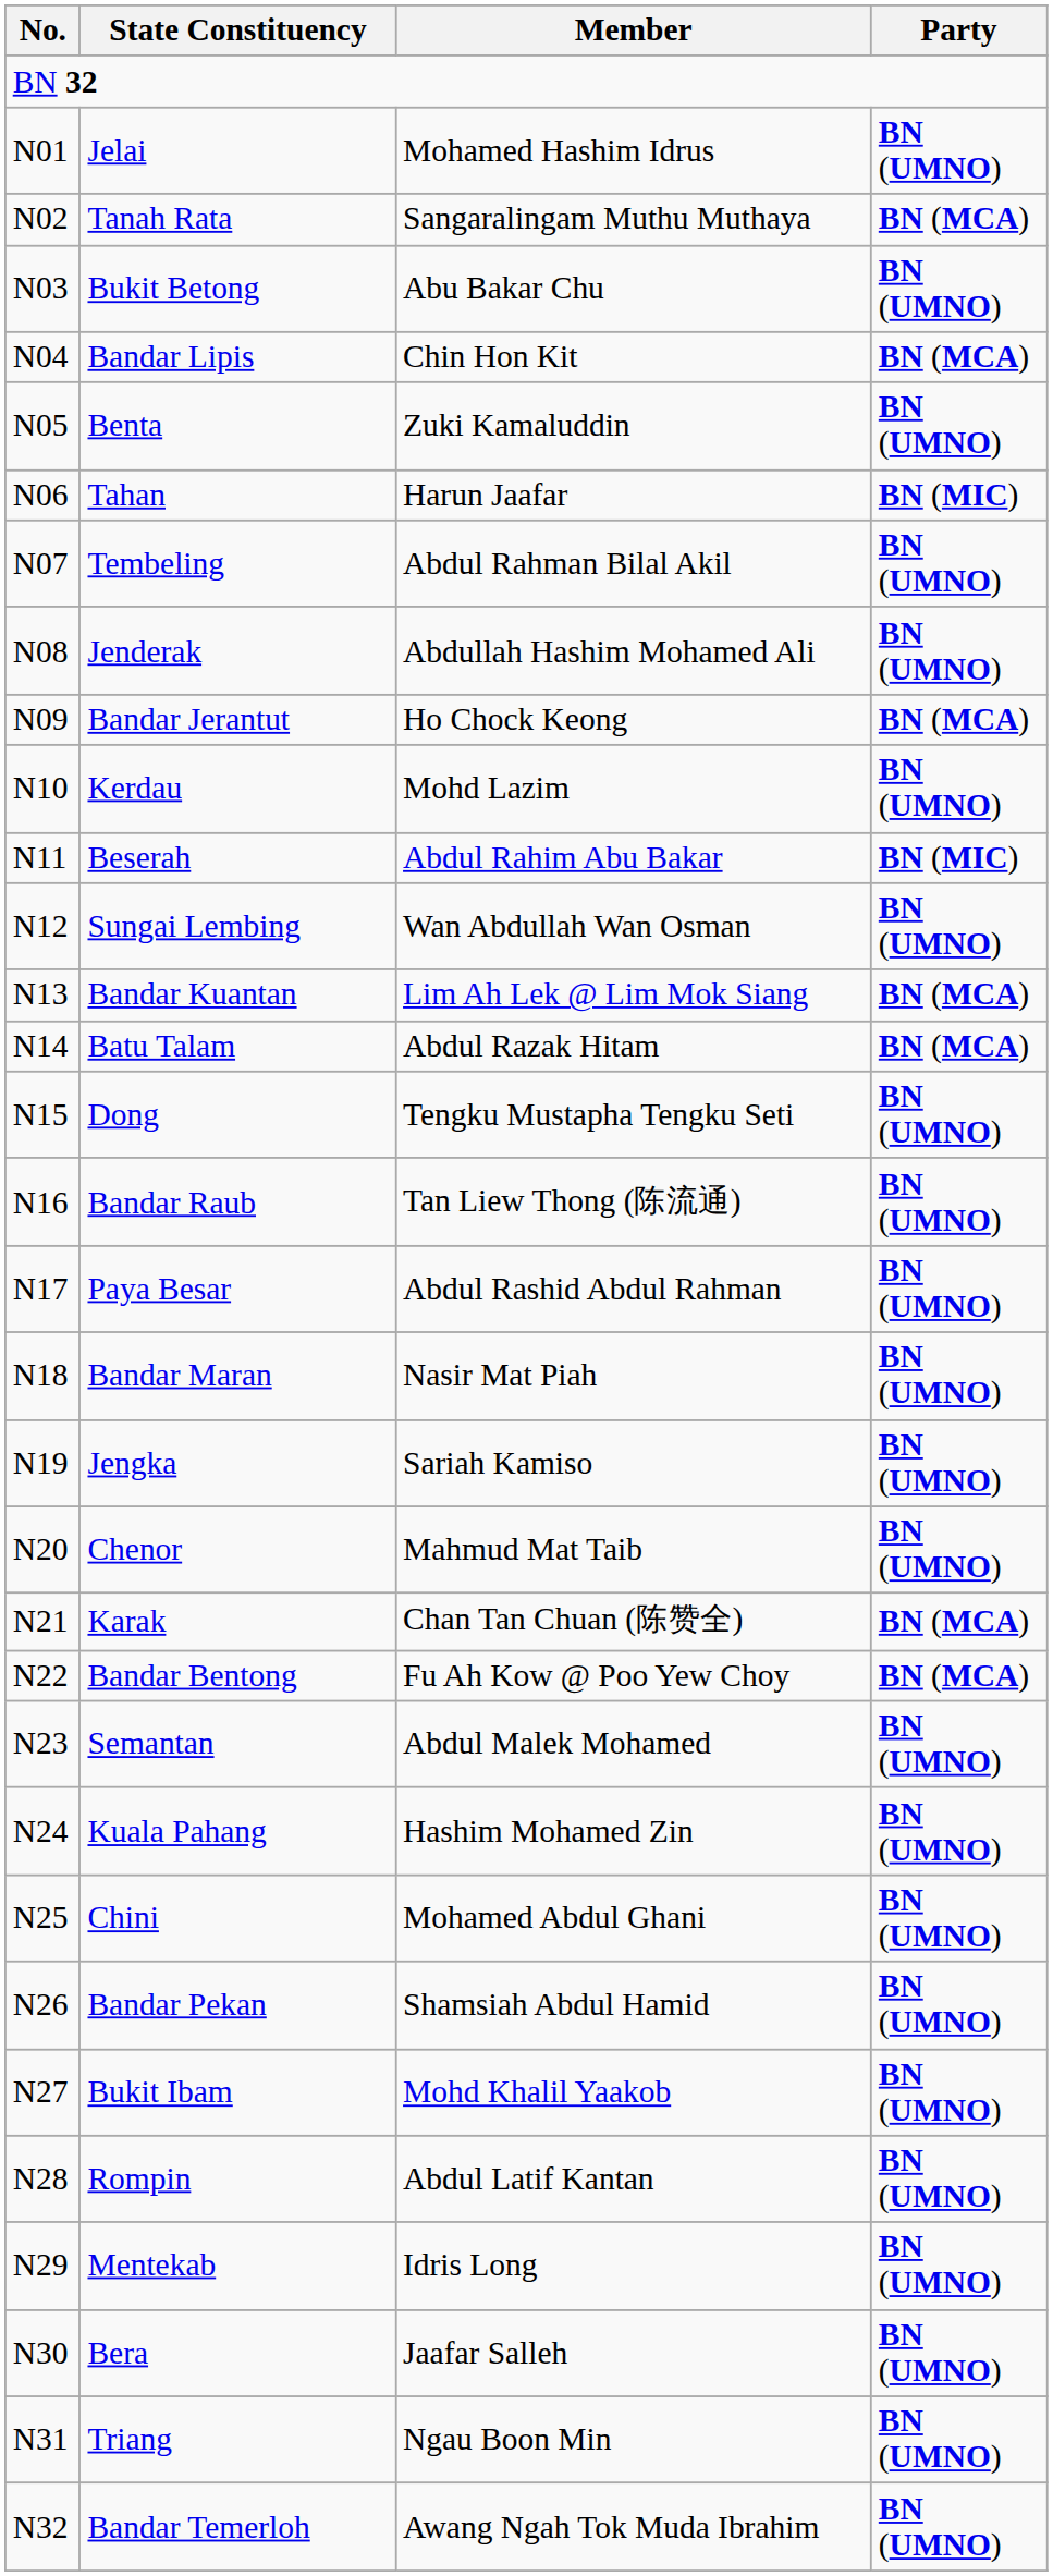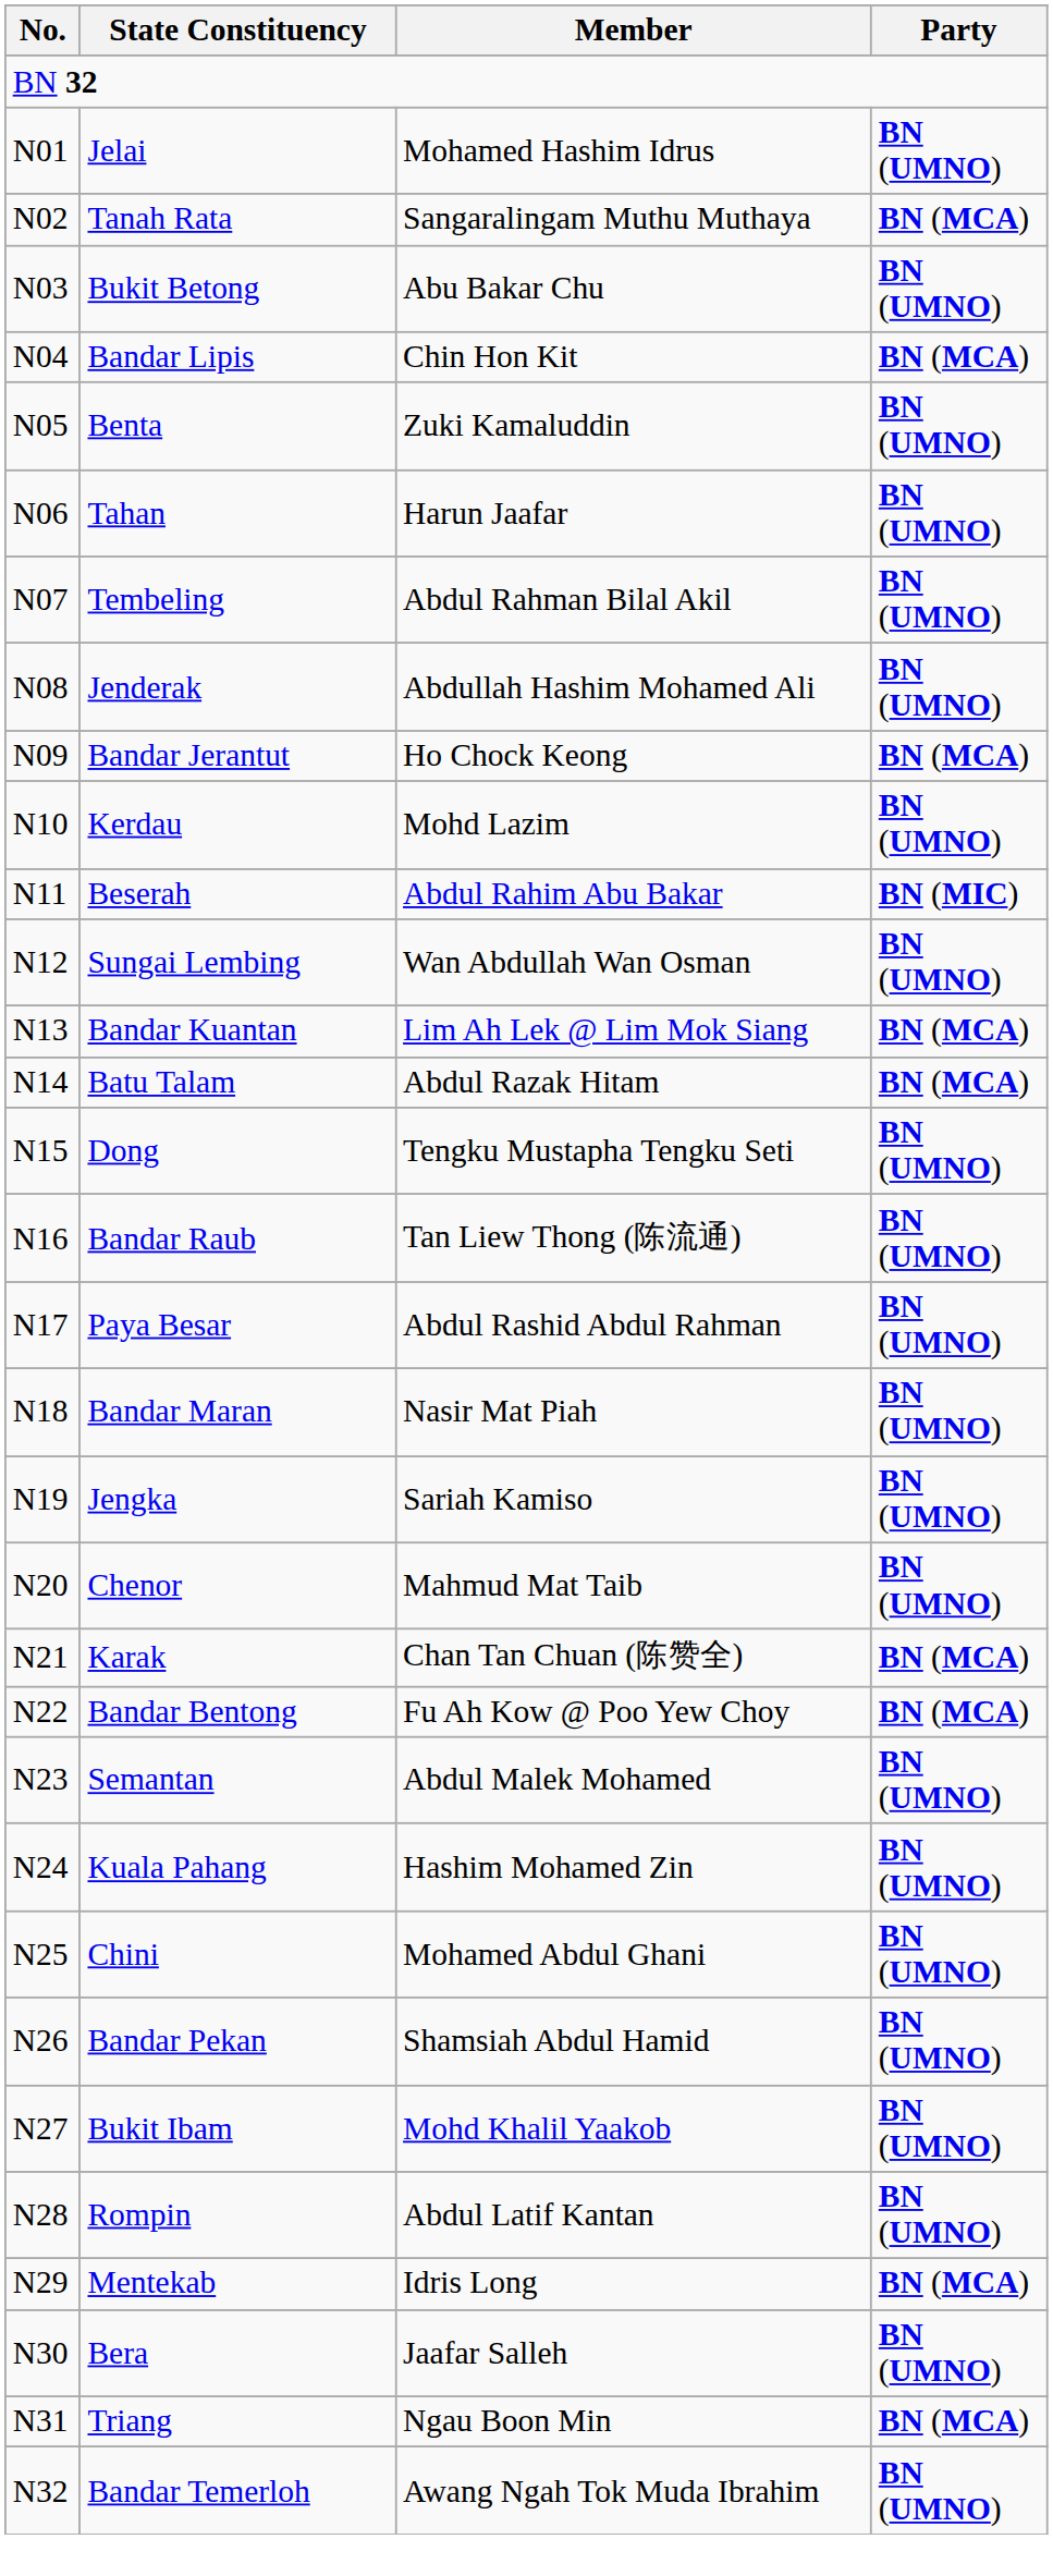 <table class="wikitable sortable">
 <tr>
 <th style="width:30px;">No.</th>
 <th style="width:150px;">State Constituency</th>
 <th style="width:230px;">Member</th>
 <th style="width:80px;">Party</th>
 </tr>
 <tr>
 <td colspan="4"><a href='#'>BN</a> <strong>32</strong></td>
 </tr>
 <tr>
 <td>N01</td>
 <td><a href='#'>Jelai</a></td>
 <td>Mohamed Hashim Idrus</td>
 <td><strong><a href='#'>BN</a></strong> (<strong><a href='#'>UMNO</a></strong>)</td>
 </tr>
 <tr>
 <td>N02</td>
 <td><a href='#'>Tanah Rata</a></td>
 <td>Sangaralingam Muthu Muthaya</td>
 <td><strong><a href='#'>BN</a></strong> (<strong><a href='#'>MCA</a></strong>)</td>
 </tr>
 <tr>
 <td>N03</td>
 <td><a href='#'>Bukit Betong</a></td>
 <td>Abu Bakar Chu</td>
 <td><strong><a href='#'>BN</a></strong> (<strong><a href='#'>UMNO</a></strong>)</td>
 </tr>
 <tr>
 <td>N04</td>
 <td><a href='#'>Bandar Lipis</a></td>
 <td>Chin Hon Kit</td>
 <td><strong><a href='#'>BN</a></strong> (<strong><a href='#'>MCA</a></strong>)</td>
 </tr>
 <tr>
 <td>N05</td>
 <td><a href='#'>Benta</a></td>
 <td>Zuki Kamaluddin</td>
 <td><strong><a href='#'>BN</a></strong> (<strong><a href='#'>UMNO</a></strong>)</td>
 </tr>
 <tr>
 <td>N06</td>
 <td><a href='#'>Tahan</a></td>
 <td>Harun Jaafar</td>
-<td><strong><a href='#'>BN</a></strong> (<strong><a href='#'>MIC</a></strong>)</td>
+<td><strong><a href='#'>BN</a></strong> (<strong><a href='#'>UMNO</a></strong>)</td>
 </tr>
 <tr>
 <td>N07</td>
 <td><a href='#'>Tembeling</a></td>
 <td>Abdul Rahman Bilal Akil</td>
 <td><strong><a href='#'>BN</a></strong> (<strong><a href='#'>UMNO</a></strong>)</td>
 </tr>
 <tr>
 <td>N08</td>
 <td><a href='#'>Jenderak</a></td>
 <td>Abdullah Hashim Mohamed Ali</td>
 <td><strong><a href='#'>BN</a></strong> (<strong><a href='#'>UMNO</a></strong>)</td>
 </tr>
 <tr>
 <td>N09</td>
 <td><a href='#'>Bandar Jerantut</a></td>
 <td>Ho Chock Keong</td>
 <td><strong><a href='#'>BN</a></strong> (<strong><a href='#'>MCA</a></strong>)</td>
 </tr>
 <tr>
 <td>N10</td>
 <td><a href='#'>Kerdau</a></td>
 <td>Mohd Lazim</td>
 <td><strong><a href='#'>BN</a></strong> (<strong><a href='#'>UMNO</a></strong>)</td>
 </tr>
 <tr>
 <td>N11</td>
 <td><a href='#'>Beserah</a></td>
 <td><a href='#'>Abdul Rahim Abu Bakar</a></td>
 <td><strong><a href='#'>BN</a></strong> (<strong><a href='#'>MIC</a></strong>)</td>
 </tr>
 <tr>
 <td>N12</td>
 <td><a href='#'>Sungai Lembing</a></td>
 <td>Wan Abdullah Wan Osman</td>
 <td><strong><a href='#'>BN</a></strong> (<strong><a href='#'>UMNO</a></strong>)</td>
 </tr>
 <tr>
 <td>N13</td>
 <td><a href='#'>Bandar Kuantan</a></td>
 <td><a href='#'>Lim Ah Lek @ Lim Mok Siang</a></td>
 <td><strong><a href='#'>BN</a></strong> (<strong><a href='#'>MCA</a></strong>)</td>
 </tr>
 <tr>
 <td>N14</td>
 <td><a href='#'>Batu Talam</a></td>
 <td>Abdul Razak Hitam</td>
 <td><strong><a href='#'>BN</a></strong> (<strong><a href='#'>MCA</a></strong>)</td>
 </tr>
 <tr>
 <td>N15</td>
 <td><a href='#'>Dong</a></td>
 <td>Tengku Mustapha Tengku Seti</td>
 <td><strong><a href='#'>BN</a></strong> (<strong><a href='#'>UMNO</a></strong>)</td>
 </tr>
 <tr>
 <td>N16</td>
 <td><a href='#'>Bandar Raub</a></td>
 <td>Tan Liew Thong (陈流通)</td>
 <td><strong><a href='#'>BN</a></strong> (<strong><a href='#'>UMNO</a></strong>)</td>
 </tr>
 <tr>
 <td>N17</td>
 <td><a href='#'>Paya Besar</a></td>
 <td>Abdul Rashid Abdul Rahman</td>
 <td><strong><a href='#'>BN</a></strong> (<strong><a href='#'>UMNO</a></strong>)</td>
 </tr>
 <tr>
 <td>N18</td>
 <td><a href='#'>Bandar Maran</a></td>
 <td>Nasir Mat Piah</td>
 <td><strong><a href='#'>BN</a></strong> (<strong><a href='#'>UMNO</a></strong>)</td>
 </tr>
 <tr>
 <td>N19</td>
 <td><a href='#'>Jengka</a></td>
 <td>Sariah Kamiso</td>
 <td><strong><a href='#'>BN</a></strong> (<strong><a href='#'>UMNO</a></strong>)</td>
 </tr>
 <tr>
 <td>N20</td>
 <td><a href='#'>Chenor</a></td>
 <td>Mahmud Mat Taib</td>
 <td><strong><a href='#'>BN</a></strong> (<strong><a href='#'>UMNO</a></strong>)</td>
 </tr>
 <tr>
 <td>N21</td>
 <td><a href='#'>Karak</a></td>
 <td>Chan Tan Chuan (陈赞全)</td>
 <td><strong><a href='#'>BN</a></strong> (<strong><a href='#'>MCA</a></strong>)</td>
 </tr>
 <tr>
 <td>N22</td>
 <td><a href='#'>Bandar Bentong</a></td>
 <td>Fu Ah Kow @ Poo Yew Choy</td>
 <td><strong><a href='#'>BN</a></strong> (<strong><a href='#'>MCA</a></strong>)</td>
 </tr>
 <tr>
 <td>N23</td>
 <td><a href='#'>Semantan</a></td>
 <td>Abdul Malek Mohamed</td>
 <td><strong><a href='#'>BN</a></strong> (<strong><a href='#'>UMNO</a></strong>)</td>
 </tr>
 <tr>
 <td>N24</td>
 <td><a href='#'>Kuala Pahang</a></td>
 <td>Hashim Mohamed Zin</td>
 <td><strong><a href='#'>BN</a></strong> (<strong><a href='#'>UMNO</a></strong>)</td>
 </tr>
 <tr>
 <td>N25</td>
 <td><a href='#'>Chini</a></td>
 <td>Mohamed Abdul Ghani</td>
 <td><strong><a href='#'>BN</a></strong> (<strong><a href='#'>UMNO</a></strong>)</td>
 </tr>
 <tr>
 <td>N26</td>
 <td><a href='#'>Bandar Pekan</a></td>
 <td>Shamsiah Abdul Hamid</td>
 <td><strong><a href='#'>BN</a></strong> (<strong><a href='#'>UMNO</a></strong>)</td>
 </tr>
 <tr>
 <td>N27</td>
 <td><a href='#'>Bukit Ibam</a></td>
 <td><a href='#'>Mohd Khalil Yaakob</a></td>
 <td><strong><a href='#'>BN</a></strong> (<strong><a href='#'>UMNO</a></strong>)</td>
 </tr>
 <tr>
 <td>N28</td>
 <td><a href='#'>Rompin</a></td>
 <td>Abdul Latif Kantan</td>
 <td><strong><a href='#'>BN</a></strong> (<strong><a href='#'>UMNO</a></strong>)</td>
 </tr>
 <tr>
 <td>N29</td>
 <td><a href='#'>Mentekab</a></td>
 <td>Idris Long</td>
-<td><strong><a href='#'>BN</a></strong> (<strong><a href='#'>UMNO</a></strong>)</td>
+<td><strong><a href='#'>BN</a></strong> (<strong><a href='#'>MCA</a></strong>)</td>
 </tr>
 <tr>
 <td>N30</td>
 <td><a href='#'>Bera</a></td>
 <td>Jaafar Salleh</td>
 <td><strong><a href='#'>BN</a></strong> (<strong><a href='#'>UMNO</a></strong>)</td>
 </tr>
 <tr>
 <td>N31</td>
 <td><a href='#'>Triang</a></td>
 <td>Ngau Boon Min</td>
-<td><strong><a href='#'>BN</a></strong> (<strong><a href='#'>UMNO</a></strong>)</td>
+<td><strong><a href='#'>BN</a></strong> (<strong><a href='#'>MCA</a></strong>)</td>
 </tr>
 <tr>
 <td>N32</td>
 <td><a href='#'>Bandar Temerloh</a></td>
 <td>Awang Ngah Tok Muda Ibrahim</td>
 <td><strong><a href='#'>BN</a></strong> (<strong><a href='#'>UMNO</a></strong>)</td>
 </tr>
 </table>
